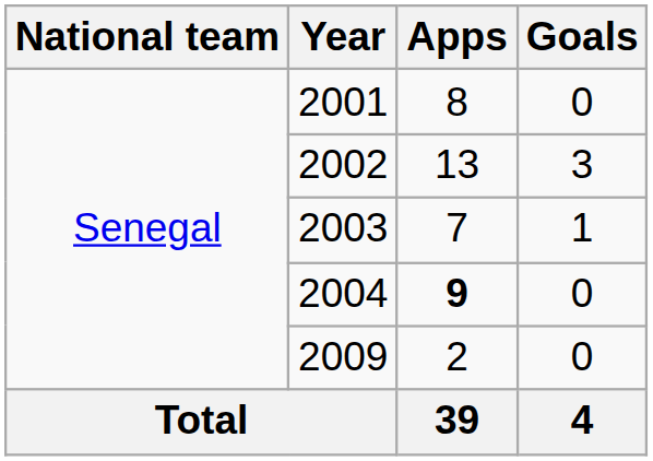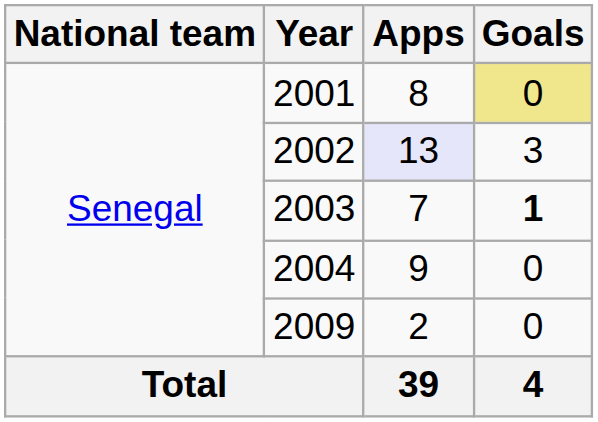 <table class="wikitable" style="text-align:center">
 <tr>
 <th>National team</th>
 <th>Year</th>
 <th>Apps</th>
 <th>Goals</th>
 </tr>
 <tr>
 <td rowspan="5"><a href='#'>Senegal</a></td>
 <td>2001</td>
 <td>8</td>
-<td>0</td>
+<td style="background: khaki;">0</td>
 </tr>
 <tr>
 <td>2002</td>
-<td>13</td>
+<td style="background: lavender;">13</td>
 <td>3</td>
 </tr>
 <tr>
 <td>2003</td>
 <td>7</td>
-<td>1</td>
+<td><strong>1</strong></td>
 </tr>
 <tr>
 <td>2004</td>
-<td><strong>9</strong></td>
+<td>9</td>
 <td>0</td>
 </tr>
 <tr>
 <td>2009</td>
 <td>2</td>
 <td>0</td>
 </tr>
 <tr>
 <th colspan="2">Total</th>
 <th>39</th>
 <th>4</th>
 </tr>
 </table>
